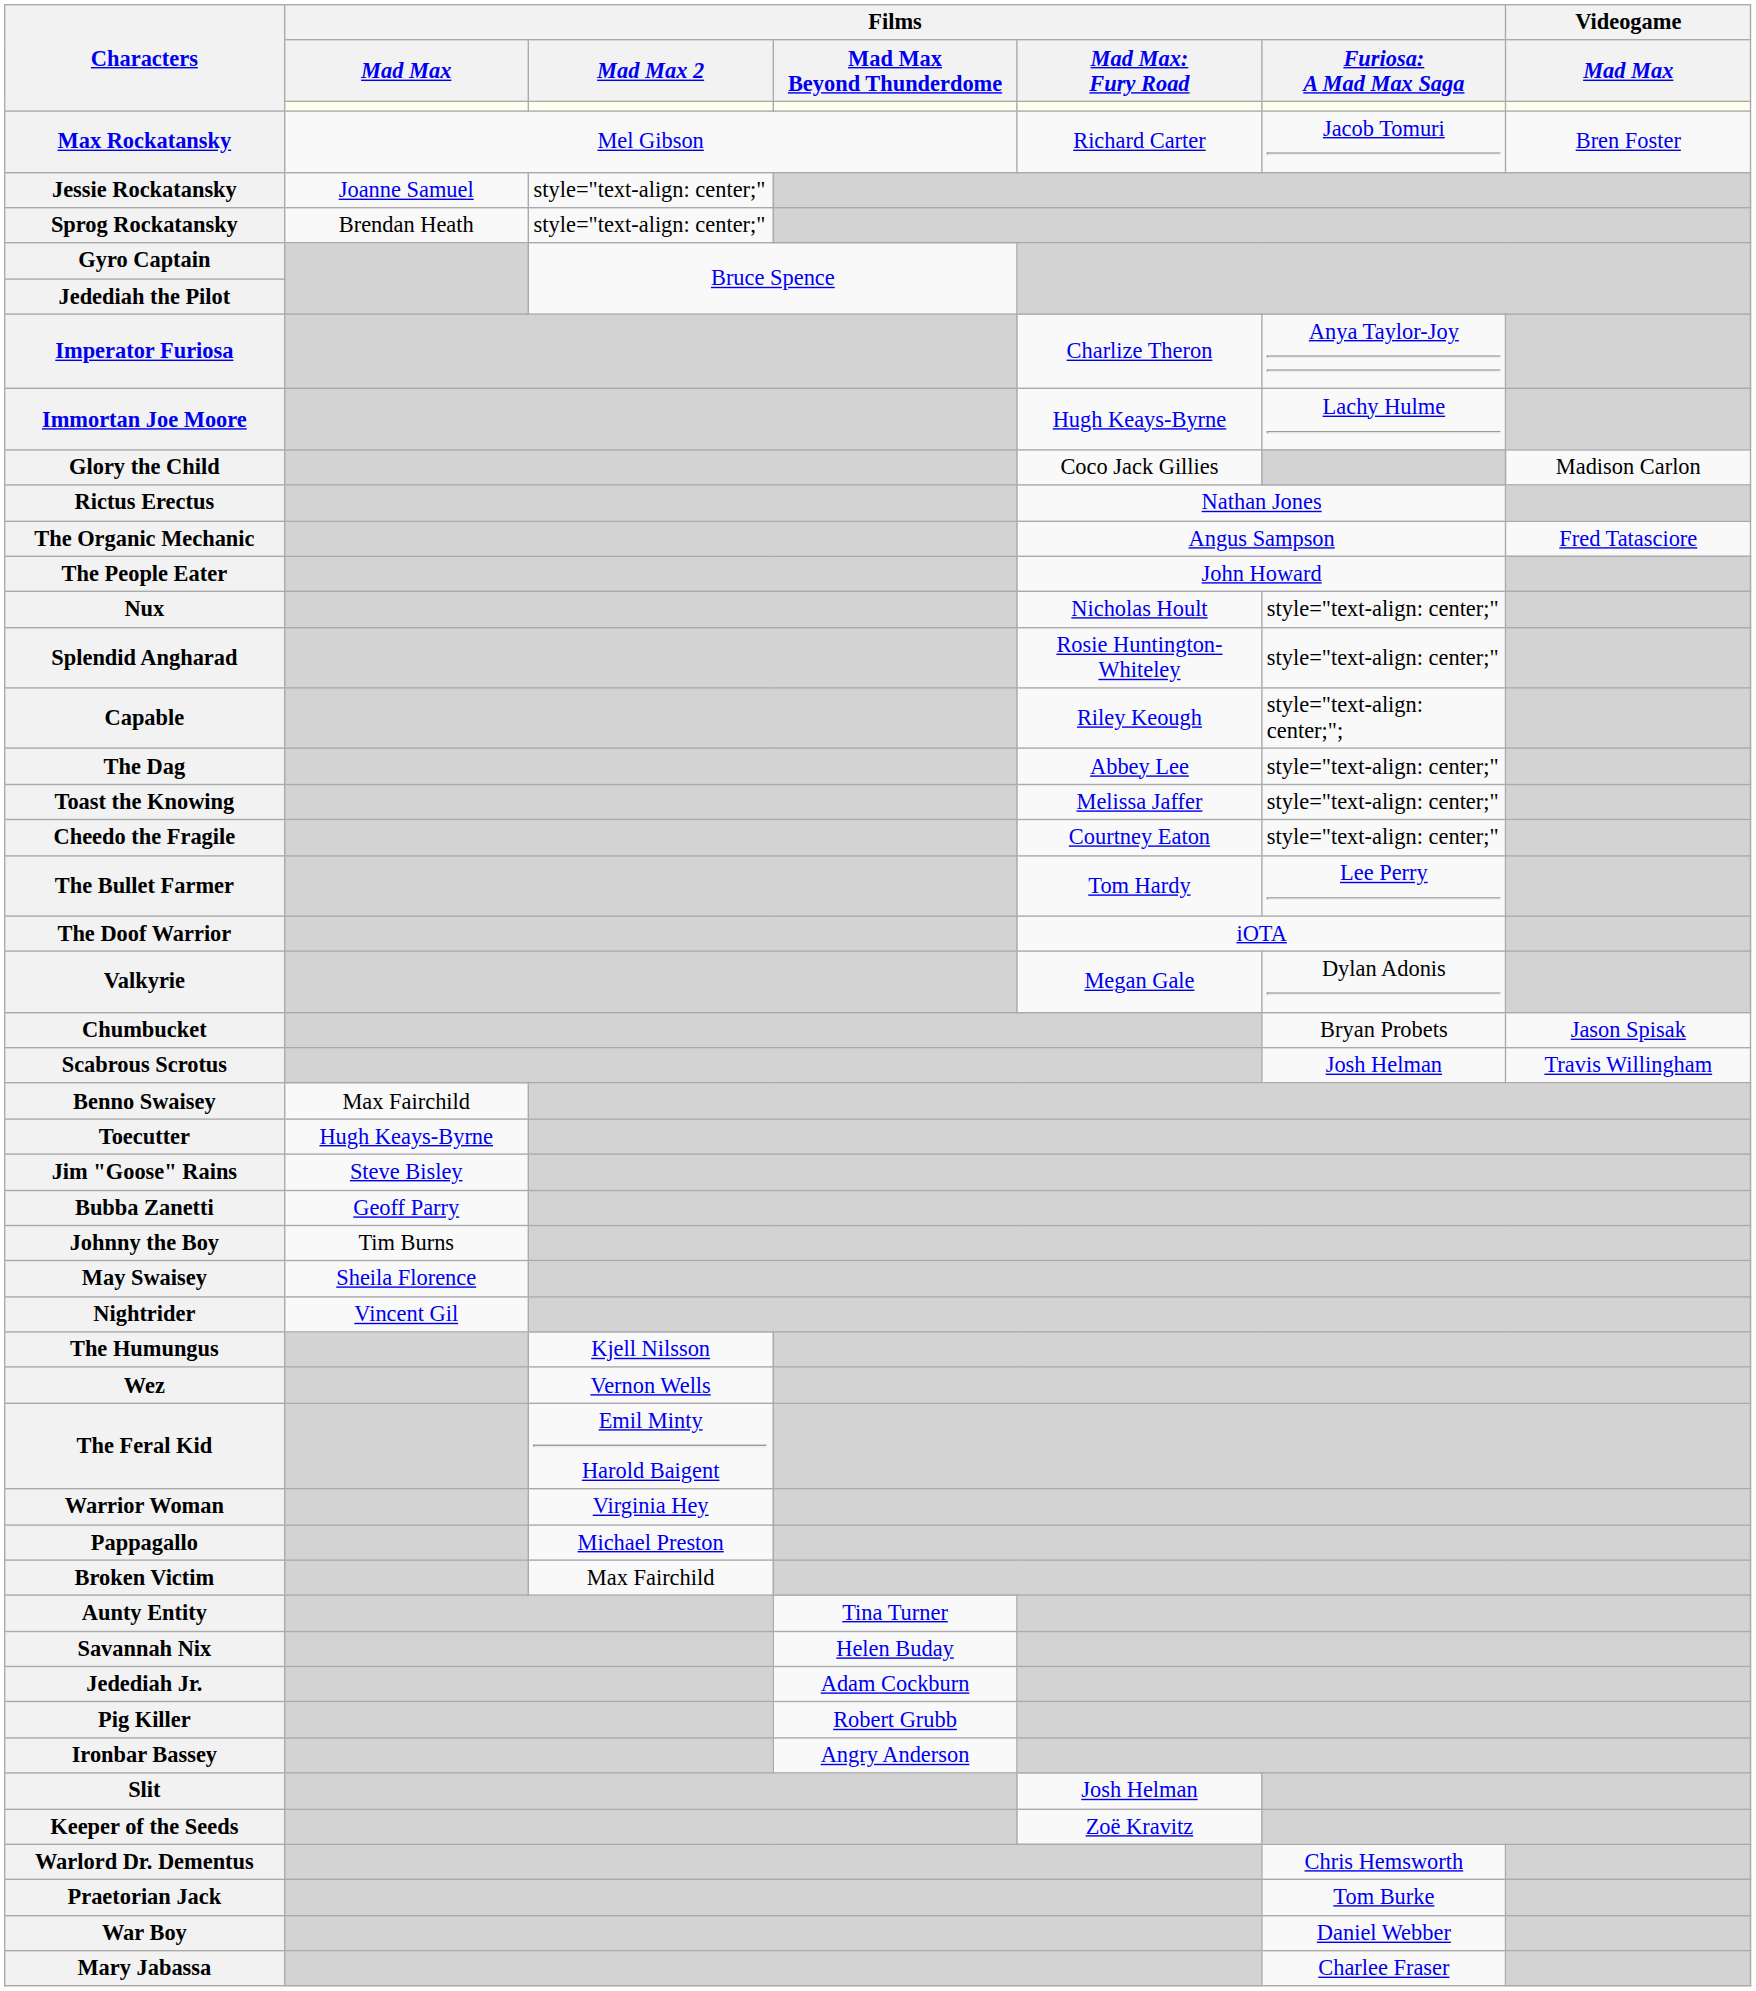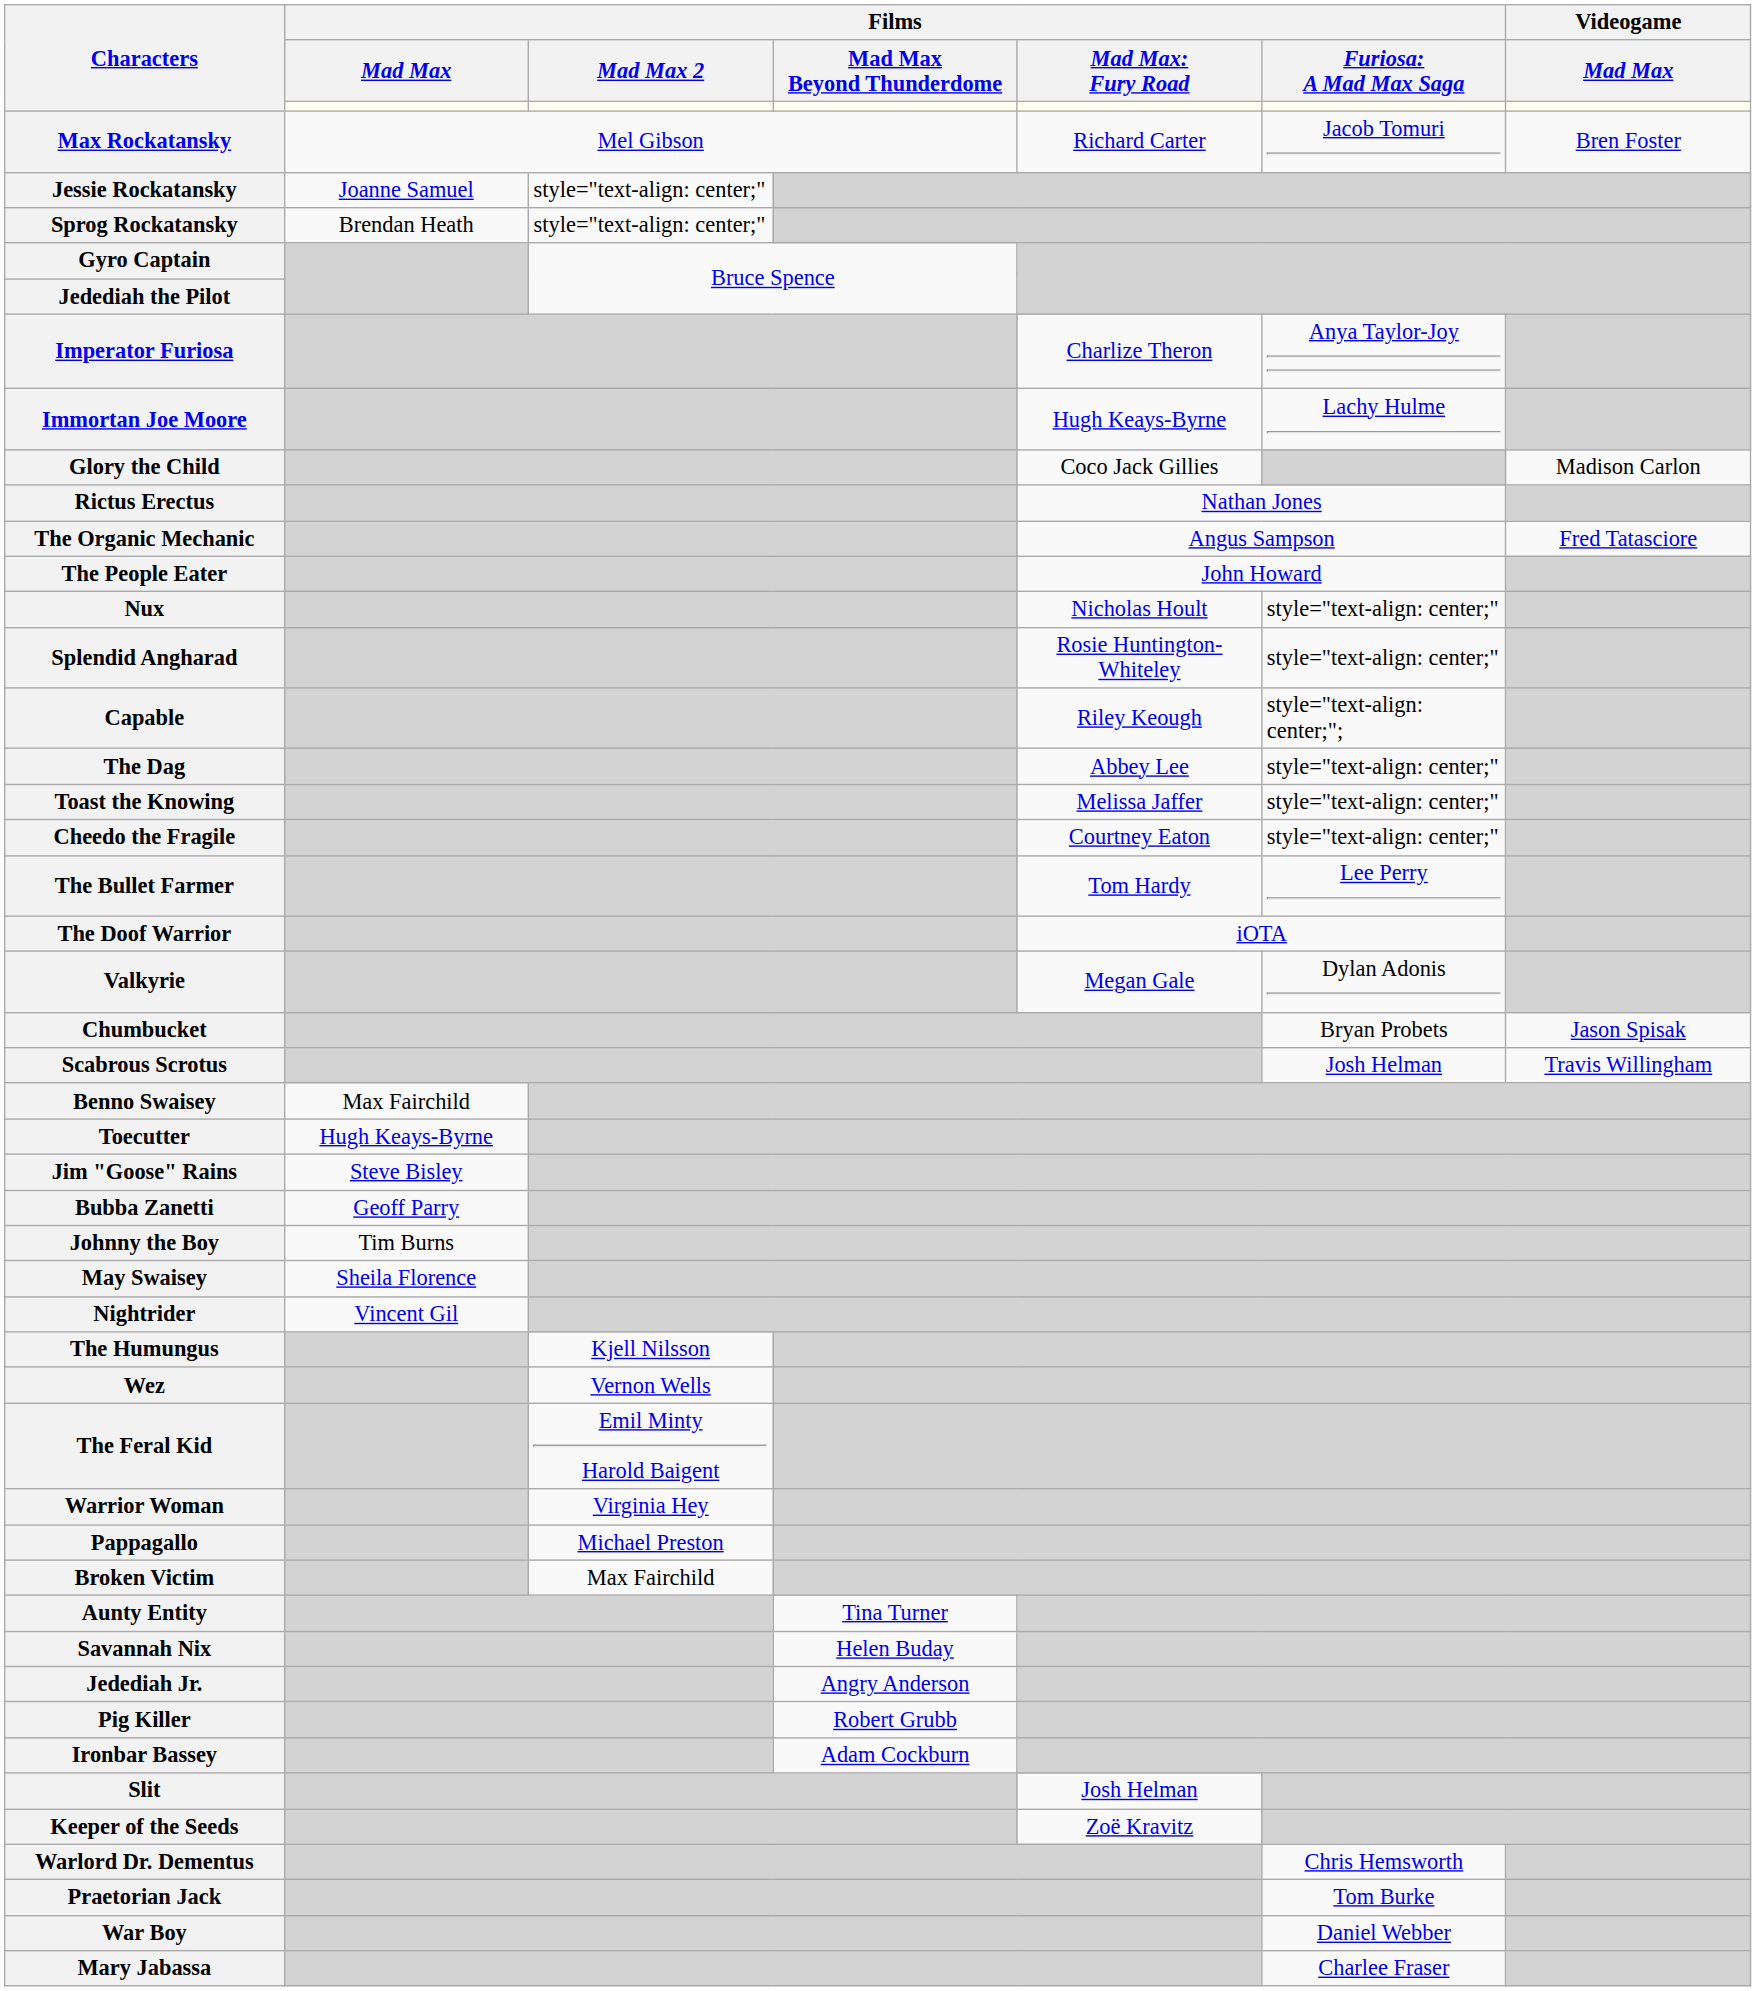 <table class="wikitable">
 <tr>
 <th rowspan="3" style="width:16%"><a href='#'>Characters</a></th>
 <th colspan="5">Films</th>
 <th>Videogame</th>
 </tr>
 <tr>
 <th style="width:14%"><em><a href='#'>Mad Max</a></em></th>
 <th style="width:14%"><em><a href='#'>Mad Max 2</a></em></th>
 <th style="width:14%"><em><a href='#'></em>Mad Max<br>Beyond Thunderdome<em></a></em></th>
 <th style="width:14%"><a href='#'><em>Mad Max:<br>Fury Road</em></a></th>
 <th style="width:14%"><a href='#'><em>Furiosa:<br>A Mad Max Saga</em></a></th>
 <th style="width:14%"><a href='#'><em>Mad Max</em></a></th>
 </tr>
 <tr>
 <th style="background:ivory;"></th>
 <th style="background:ivory;"></th>
 <th style="background:ivory;"></th>
 <th style="background:ivory;"></th>
 <th style="background:ivory;"></th>
 <th style="background:ivory;"></th>
 </tr>
 <tr>
 <th><a href='#'>Max Rockatansky</a></th>
 <td style="text-align: center;" colspan="3"><a href='#'>Mel Gibson</a></td>
 <td style="text-align: center;"><a href='#'>Richard Carter</a></td>
 <td style="text-align: center;"><a href='#'>Jacob Tomuri</a><hr></td>
 <td style="text-align: center;"><a href='#'>Bren Foster</a></td>
 </tr>
 <tr>
 <th>Jessie Rockatansky</th>
 <td style="text-align: center;"><a href='#'>Joanne Samuel</a></td>
 <td>style="text-align: center;" </td>
 <th colspan="4" style="background: lightgray"></th>
 </tr>
 <tr>
 <th>Sprog Rockatansky</th>
 <td style="text-align: center;">Brendan Heath</td>
 <td>style="text-align: center;" </td>
 <th colspan="4" style="background: lightgray"></th>
 </tr>
 <tr>
 <th>Gyro Captain</th>
 <td rowspan="2" style="background: lightgray"></td>
 <td rowspan="2" colspan="2" style="text-align: center;"><a href='#'>Bruce Spence</a></td>
 <th rowspan="2" colspan="3" style="background: lightgray"></th>
 </tr>
 <tr>
 <th>Jedediah the Pilot</th>
 </tr>
 <tr>
 <th><a href='#'>Imperator Furiosa</a></th>
 <th colspan="3" style="background: lightgray"></th>
 <td style="text-align: center;"><a href='#'>Charlize Theron</a></td>
 <td style="text-align: center;"><a href='#'>Anya Taylor-Joy</a><hr><hr></td>
 <th style="background: lightgray"></th>
 </tr>
 <tr>
 <th><a href='#'>Immortan Joe Moore</a></th>
 <td colspan="3" style="background: lightgray"></td>
 <td style="text-align: center;"><a href='#'>Hugh Keays-Byrne</a></td>
 <td style="text-align: center;"><a href='#'>Lachy Hulme</a><hr></td>
 <td style="background: lightgray"></td>
 </tr>
 <tr>
 <th>Glory the Child</th>
 <th colspan="3" style="background: lightgray"></th>
 <td style="text-align: center;">Coco Jack Gillies</td>
 <th style="background: lightgray"></th>
 <td style="text-align: center;">Madison Carlon</td>
 </tr>
 <tr>
 <th>Rictus Erectus</th>
 <th colspan="3" style="background: lightgray"></th>
 <td colspan="2" style="text-align: center;"><a href='#'>Nathan Jones</a></td>
 <th style="background: lightgray"></th>
 </tr>
 <tr>
 <th>The Organic Mechanic</th>
 <th colspan="3" style="background: lightgray"></th>
 <td colspan="2" style="text-align: center;"><a href='#'>Angus Sampson</a></td>
 <td style="text-align: center;"><a href='#'>Fred Tatasciore</a></td>
 </tr>
 <tr>
 <th>The People Eater</th>
 <th colspan="3" style="background: lightgray"></th>
 <td colspan="2" style="text-align: center;"><a href='#'>John Howard</a></td>
 <th colspan="2" style="background: lightgray"></th>
 </tr>
 <tr>
 <th>Nux</th>
 <th colspan="3" style="background: lightgray"></th>
 <td style="text-align: center;"><a href='#'>Nicholas Hoult</a></td>
 <td>style="text-align: center;" </td>
 <th colspan="2" style="background: lightgray"></th>
 </tr>
 <tr>
 <th>Splendid Angharad</th>
 <th colspan="3" style="background: lightgray"></th>
 <td style="text-align: center;"><a href='#'>Rosie Huntington-Whiteley</a></td>
 <td>style="text-align: center;" </td>
 <th style="background: lightgray"></th>
 </tr>
 <tr>
 <th>Capable</th>
 <th colspan="3" style="background: lightgray"></th>
 <td style="text-align: center;"><a href='#'>Riley Keough</a></td>
 <td>style="text-align: center;"; </td>
 <th style="background: lightgray"></th>
 </tr>
 <tr>
 <th>The Dag</th>
 <th colspan="3" style="background: lightgray"></th>
 <td style="text-align: center;"><a href='#'>Abbey Lee</a></td>
 <td>style="text-align: center;" </td>
 <th style="background: lightgray"></th>
 </tr>
 <tr>
 <th>Toast the Knowing</th>
 <th colspan="3" style="background: lightgray"></th>
 <td style="text-align: center;"><a href='#'>Melissa Jaffer</a></td>
 <td>style="text-align: center;" </td>
 <th style="background: lightgray"></th>
 </tr>
 <tr>
 <th>Cheedo the Fragile</th>
 <th colspan="3" style="background: lightgray"></th>
 <td style="text-align: center;"><a href='#'>Courtney Eaton</a></td>
 <td>style="text-align: center;" </td>
 <th style="background: lightgray"></th>
 </tr>
 <tr>
 <th>The Bullet Farmer</th>
 <th colspan="3" style="background: lightgray"></th>
 <td style="text-align: center;"><a href='#'>Tom Hardy</a></td>
 <td style="text-align: center;"><a href='#'>Lee Perry</a><hr></td>
 <th style="background: lightgray"></th>
 </tr>
 <tr>
 <th>The Doof Warrior</th>
 <th colspan="3" style="background: lightgray"></th>
 <td colspan="2" style="text-align: center;"><a href='#'>iOTA</a></td>
 <th style="background: lightgray"></th>
 </tr>
 <tr>
 <th>Valkyrie</th>
 <th colspan="3" style="background: lightgray"></th>
 <td style="text-align: center;"><a href='#'>Megan Gale</a></td>
 <td style="text-align: center;">Dylan Adonis<hr></td>
 <th style="background: lightgray"></th>
 </tr>
 <tr>
 <th>Chumbucket</th>
 <th colspan="4" style="background: lightgray"></th>
 <td style="text-align: center;">Bryan Probets</td>
 <td style="text-align: center;"><a href='#'>Jason Spisak</a></td>
 </tr>
 <tr>
 <th>Scabrous Scrotus</th>
 <th colspan="4" style="background: lightgray"></th>
 <td style="text-align: center;"><a href='#'>Josh Helman</a></td>
 <td style="text-align: center;"><a href='#'>Travis Willingham</a></td>
 </tr>
 <tr>
 <th>Benno Swaisey</th>
 <td style="text-align: center;">Max Fairchild</td>
 <td colspan="5" style="background: lightgray"></td>
 </tr>
 <tr>
 <th>Toecutter</th>
 <td style="text-align: center;"><a href='#'>Hugh Keays-Byrne</a></td>
 <td colspan="5" style="background: lightgray"></td>
 </tr>
 <tr>
 <th>Jim "Goose" Rains</th>
 <td style="text-align: center;"><a href='#'>Steve Bisley</a></td>
 <th colspan="5" style="background: lightgray"></th>
 </tr>
 <tr>
 <th>Bubba Zanetti</th>
 <td style="text-align: center;"><a href='#'>Geoff Parry</a></td>
 <th colspan="5" style="background: lightgray"></th>
 </tr>
 <tr>
 <th>Johnny the Boy</th>
 <td style="text-align: center;">Tim Burns</td>
 <th colspan="5" style="background: lightgray"></th>
 </tr>
 <tr>
 <th>May Swaisey</th>
 <td style="text-align: center;"><a href='#'>Sheila Florence</a></td>
 <th colspan="5" style="background: lightgray"></th>
 </tr>
 <tr>
 <th>Nightrider</th>
 <td style="text-align: center;"><a href='#'>Vincent Gil</a></td>
 <th colspan="5" style="background: lightgray"></th>
 </tr>
 <tr>
 <th>The Humungus</th>
 <th style="background: lightgray"></th>
 <td style="text-align: center;"><a href='#'>Kjell Nilsson</a></td>
 <th colspan="4" style="background: lightgray"></th>
 </tr>
 <tr>
 <th>Wez</th>
 <th style="background: lightgray"></th>
 <td style="text-align: center;"><a href='#'>Vernon Wells</a></td>
 <th colspan="4" style="background: lightgray"></th>
 </tr>
 <tr>
 <th>The Feral Kid</th>
 <th style="background: lightgray"></th>
 <td style="text-align: center;"><a href='#'>Emil Minty</a><hr><a href='#'>Harold Baigent</a></td>
 <th colspan="4" style="background: lightgray"></th>
 </tr>
 <tr>
 <th>Warrior Woman</th>
 <th style="background: lightgray"></th>
 <td style="text-align: center;"><a href='#'>Virginia Hey</a></td>
 <th colspan="4" style="background: lightgray"></th>
 </tr>
 <tr>
 <th>Pappagallo</th>
 <th style="background: lightgray"></th>
 <td style="text-align: center;"><a href='#'>Michael Preston</a></td>
 <th colspan="4" style="background: lightgray"></th>
 </tr>
 <tr>
 <th>Broken Victim</th>
 <th style="background: lightgray"></th>
 <td style="text-align: center;">Max Fairchild</td>
 <th colspan="5" style="background: lightgray"></th>
 </tr>
 <tr>
 <th>Aunty Entity</th>
 <th colspan="2" style="background: lightgray"></th>
 <td style="text-align: center;"><a href='#'>Tina Turner</a></td>
 <th colspan="3" style="background: lightgray"></th>
 </tr>
 <tr>
 <th>Savannah Nix</th>
 <th colspan="2" style="background: lightgray"></th>
 <td style="text-align: center;"><a href='#'>Helen Buday</a></td>
 <th colspan="3" style="background: lightgray"></th>
 </tr>
 <tr>
 <th>Jedediah Jr.</th>
 <th colspan="2" style="background: lightgray"></th>
-<td style="text-align: center;"><a href='#'>Adam Cockburn</a></td>
+<td style="text-align: center;"><a href='#'>Angry Anderson</a></td>
 <th colspan="3" style="background: lightgray"></th>
 </tr>
 <tr>
 <th>Pig Killer</th>
 <th colspan="2" style="background: lightgray"></th>
 <td style="text-align: center;"><a href='#'>Robert Grubb</a></td>
 <th colspan="3" style="background: lightgray"></th>
 </tr>
 <tr>
 <th>Ironbar Bassey</th>
 <th colspan="2" style="background: lightgray"></th>
-<td style="text-align: center;"><a href='#'>Angry Anderson</a></td>
+<td style="text-align: center;"><a href='#'>Adam Cockburn</a></td>
 <th colspan="3" style="background: lightgray"></th>
 </tr>
 <tr>
 <th>Slit</th>
 <th colspan="3" style="background: lightgray"></th>
 <td style="text-align: center;"><a href='#'>Josh Helman</a></td>
 <th colspan="2" style="background: lightgray"></th>
 </tr>
 <tr>
 <th>Keeper of the Seeds</th>
 <th colspan="3" style="background: lightgray"></th>
 <td style="text-align: center;"><a href='#'>Zoë Kravitz</a></td>
 <th colspan="2" style="background: lightgray"></th>
 </tr>
 <tr>
 <th>Warlord Dr. Dementus</th>
 <th colspan="4" style="background: lightgray"></th>
 <td style="text-align: center;"><a href='#'>Chris Hemsworth</a></td>
 <td style="background: lightgray"></td>
 </tr>
 <tr>
 <th>Praetorian Jack</th>
 <th colspan="4" style="background: lightgray"></th>
 <td style="text-align: center;"><a href='#'>Tom Burke</a></td>
 <td style="background: lightgray"></td>
 </tr>
 <tr>
 <th>War Boy</th>
 <th colspan="4" style="background: lightgray"></th>
 <td style="text-align: center;"><a href='#'>Daniel Webber</a></td>
 <td style="background: lightgray"></td>
 </tr>
 <tr>
 <th>Mary Jabassa</th>
 <th colspan="4" style="background: lightgray"></th>
 <td style="text-align: center;"><a href='#'>Charlee Fraser</a></td>
 <th style="background: lightgray"></th>
 </tr>
 </table>
